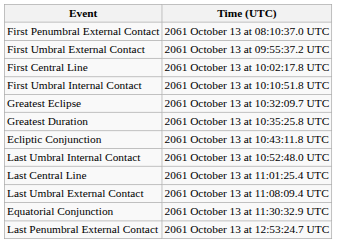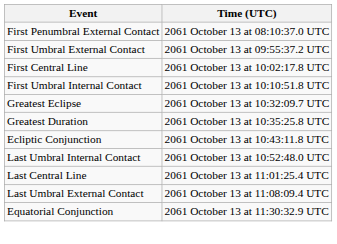 <table class="wikitable">
 <tr>
 <th>Event</th>
 <th>Time (UTC)</th>
 </tr>
 <tr>
 <td>First Penumbral External Contact</td>
 <td>2061 October 13 at 08:10:37.0 UTC</td>
 </tr>
 <tr>
 <td>First Umbral External Contact</td>
 <td>2061 October 13 at 09:55:37.2 UTC</td>
 </tr>
 <tr>
 <td>First Central Line</td>
 <td>2061 October 13 at 10:02:17.8 UTC</td>
 </tr>
 <tr>
 <td>First Umbral Internal Contact</td>
 <td>2061 October 13 at 10:10:51.8 UTC</td>
 </tr>
 <tr>
 <td>Greatest Eclipse</td>
 <td>2061 October 13 at 10:32:09.7 UTC</td>
 </tr>
 <tr>
 <td>Greatest Duration</td>
 <td>2061 October 13 at 10:35:25.8 UTC</td>
 </tr>
 <tr>
 <td>Ecliptic Conjunction</td>
 <td>2061 October 13 at 10:43:11.8 UTC</td>
 </tr>
 <tr>
 <td>Last Umbral Internal Contact</td>
 <td>2061 October 13 at 10:52:48.0 UTC</td>
 </tr>
 <tr>
 <td>Last Central Line</td>
 <td>2061 October 13 at 11:01:25.4 UTC</td>
 </tr>
 <tr>
 <td>Last Umbral External Contact</td>
 <td>2061 October 13 at 11:08:09.4 UTC</td>
 </tr>
 <tr>
 <td>Equatorial Conjunction</td>
 <td>2061 October 13 at 11:30:32.9 UTC</td>
 </tr>
-<tr>
-<td>Last Penumbral External Contact</td>
-<td>2061 October 13 at 12:53:24.7 UTC</td>
-</tr>
 </table>
